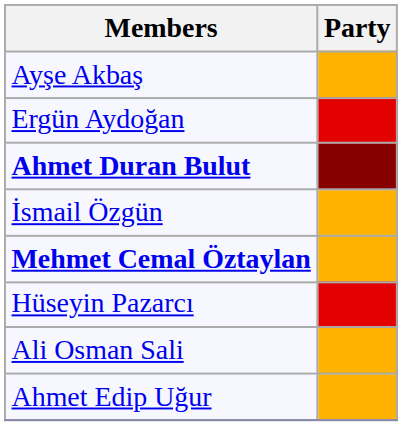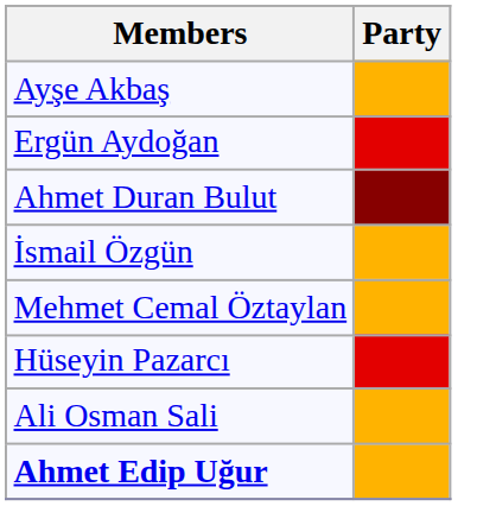 <table class=wikitable style="border:1px solid #8888aa; background-color:#f7f8ff; padding:0px; font-size:90%;">
 <tr>
 <th>Members</th>
 <th colspan="2">Party</th>
 </tr>
 <tr>
 <td><a href='#'>Ayşe Akbaş</a></td>
 <td style="background: #ffb300"></td>
 </tr>
 <tr>
 <td><a href='#'>Ergün Aydoğan</a></td>
 <td style="background: #e30000"></td>
 </tr>
 <tr>
-<td><strong><a href='#'>Ahmet Duran Bulut</a></strong></td>
+<td><a href='#'>Ahmet Duran Bulut</a></td>
 <td style="background: #870000"></td>
 </tr>
 <tr>
 <td><a href='#'>İsmail Özgün</a></td>
 <td style="background: #ffb300"></td>
 </tr>
 <tr>
-<td><strong><a href='#'>Mehmet Cemal Öztaylan</a></strong></td>
+<td><a href='#'>Mehmet Cemal Öztaylan</a></td>
 <td style="background: #ffb300"></td>
 </tr>
 <tr>
 <td><a href='#'>Hüseyin Pazarcı</a></td>
 <td style="background: #e30000"></td>
 </tr>
 <tr>
 <td><a href='#'>Ali Osman Sali</a></td>
 <td style="background: #ffb300"></td>
 </tr>
 <tr>
-<td><a href='#'>Ahmet Edip Uğur</a></td>
+<td><strong><a href='#'>Ahmet Edip Uğur</a></strong></td>
 <td style="background: #ffb300"></td>
 </tr>
 <tr>
 </tr>
 </table>
